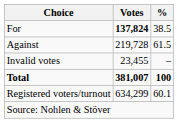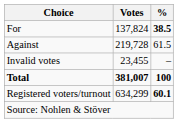 <table class=wikitable style=text-align:right>
 <tr>
 <th>Choice</th>
 <th>Votes</th>
 <th>%</th>
 </tr>
 <tr>
 <td align=left>For</td>
-<td><strong>137,824</strong></td>
-<td>38.5</td>
+<td>137,824</td>
+<td><strong>38.5</strong></td>
 </tr>
 <tr>
 <td align=left>Against</td>
 <td>219,728</td>
 <td>61.5</td>
 </tr>
 <tr>
 <td align=left>Invalid votes</td>
 <td>23,455</td>
 <td>–</td>
 </tr>
 <tr>
 <td align=left><strong>Total</strong></td>
 <td><strong>381,007</strong></td>
 <td><strong>100</strong></td>
 </tr>
 <tr>
 <td align=left>Registered voters/turnout</td>
 <td>634,299</td>
-<td>60.1</td>
+<td><strong>60.1</strong></td>
 </tr>
 <tr>
 <td align=left colspan=3>Source: Nohlen & Stöver</td>
 </tr>
 </table>
